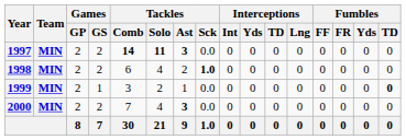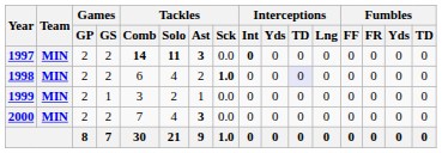 <table class="wikitable" style="text-align:center">
 <tr>
 <th rowspan="2">Year</th>
 <th rowspan="2">Team</th>
 <th colspan="2">Games</th>
 <th colspan="4">Tackles</th>
 <th colspan="4">Interceptions</th>
 <th colspan="4">Fumbles</th>
 </tr>
 <tr>
 <th>GP</th>
 <th>GS</th>
 <th>Comb</th>
 <th>Solo</th>
 <th>Ast</th>
 <th>Sck</th>
 <th>Int</th>
 <th>Yds</th>
 <th>TD</th>
 <th>Lng</th>
 <th>FF</th>
 <th>FR</th>
 <th>Yds</th>
 <th>TD</th>
 </tr>
 <tr>
 <th><a href='#'>1997</a></th>
 <th><a href='#'>MIN</a></th>
 <td>2</td>
 <td>2</td>
 <td><strong>14</strong></td>
 <td><strong>11</strong></td>
 <td><strong>3</strong></td>
 <td>0.0</td>
-<td>0</td>
+<td><strong>0</strong></td>
 <td>0</td>
 <td>0</td>
 <td>0</td>
 <td>0</td>
 <td>0</td>
 <td>0</td>
 <td>0</td>
 </tr>
 <tr>
 <th><a href='#'>1998</a></th>
 <th><a href='#'>MIN</a></th>
 <td>2</td>
 <td>2</td>
 <td>6</td>
 <td>4</td>
 <td>2</td>
 <td><strong>1.0</strong></td>
 <td>0</td>
 <td>0</td>
-<td>0</td>
+<td style="background: lavender;">0</td>
 <td>0</td>
 <td>0</td>
 <td>0</td>
 <td>0</td>
 <td>0</td>
 </tr>
 <tr>
 <th><a href='#'>1999</a></th>
 <th><a href='#'>MIN</a></th>
 <td>2</td>
 <td>1</td>
 <td>3</td>
 <td>2</td>
 <td>1</td>
 <td>0.0</td>
 <td>0</td>
 <td>0</td>
 <td>0</td>
 <td>0</td>
 <td>0</td>
 <td>0</td>
 <td>0</td>
-<td><strong>0</strong></td>
+<td>0</td>
 </tr>
 <tr>
 <th><a href='#'>2000</a></th>
 <th><a href='#'>MIN</a></th>
 <td>2</td>
 <td>2</td>
 <td>7</td>
 <td>4</td>
 <td><strong>3</strong></td>
 <td>0.0</td>
 <td>0</td>
 <td>0</td>
 <td>0</td>
 <td>0</td>
 <td>0</td>
 <td>0</td>
 <td>0</td>
 <td>0</td>
 </tr>
 <tr>
 <th colspan="2"></th>
 <th>8</th>
 <th>7</th>
 <th>30</th>
 <th>21</th>
 <th>9</th>
 <th>1.0</th>
 <th>0</th>
 <th>0</th>
 <th>0</th>
 <th>0</th>
 <th>0</th>
 <th>0</th>
 <th>0</th>
 <th>0</th>
 </tr>
 </table>
